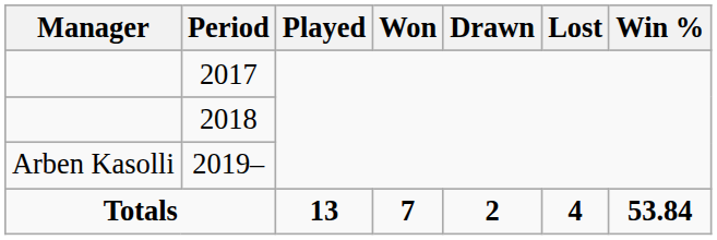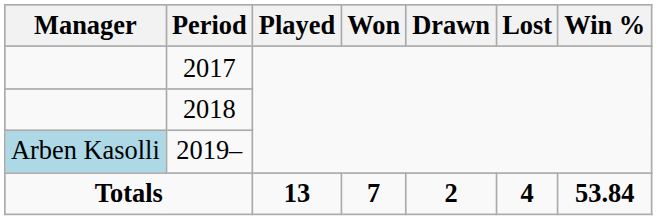 <table class="wikitable sortable" style="text-align:center;">
 <tr>
 <th>Manager</th>
 <th>Period</th>
 <th>Played</th>
 <th>Won</th>
 <th>Drawn</th>
 <th>Lost</th>
 <th>Win %</th>
 </tr>
 <tr>
 <td style="text-align: left;"></td>
 <td>2017<br></td>
 </tr>
 <tr>
 <td style="text-align: left;"></td>
 <td>2018<br></td>
 </tr>
 <tr>
-<td style="text-align: left;"> Arben Kasolli</td>
+<td style="background: lightblue; text-align: left;"> Arben Kasolli</td>
 <td>2019–<br></td>
 </tr>
 <tr>
 <td colspan="2"><strong>Totals</strong></td>
 <td><strong>13</strong></td>
 <td><strong>7</strong></td>
 <td><strong>2</strong></td>
 <td><strong>4</strong></td>
 <td><strong>53.84</strong></td>
 </tr>
 </table>
